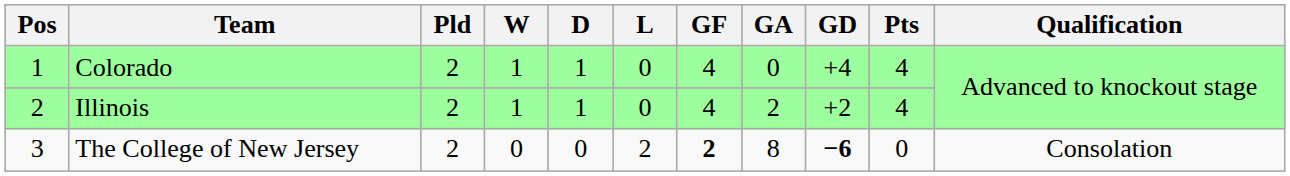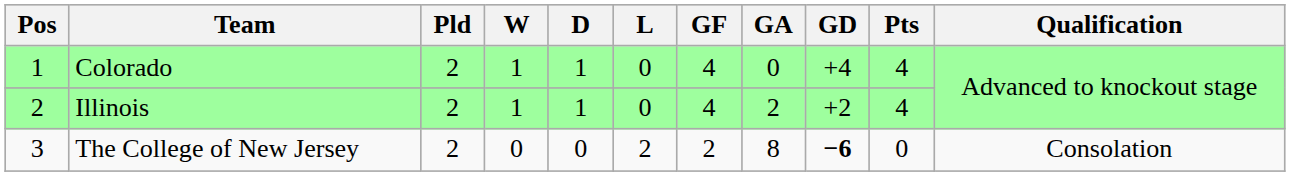 <table class="wikitable" style="text-align:center; margin: 1em auto">
 <tr>
 <th style=width:2em>Pos</th>
 <th style=width:13em>Team</th>
 <th style=width:2em>Pld</th>
 <th style=width:2em>W</th>
 <th style=width:2em>D</th>
 <th style=width:2em>L</th>
 <th style=width:2em>GF</th>
 <th style=width:2em>GA</th>
 <th style=width:2em>GD</th>
 <th style=width:2em>Pts</th>
 <th style=width:13em>Qualification</th>
 </tr>
 <tr bgcolor="#9eff9e">
 <td>1</td>
 <td style="text-align:left">Colorado</td>
 <td>2</td>
 <td>1</td>
 <td>1</td>
 <td>0</td>
 <td>4</td>
 <td>0</td>
 <td>+4</td>
 <td>4</td>
 <td rowspan="2">Advanced to knockout stage</td>
 </tr>
 <tr bgcolor="#9eff9e">
 <td>2</td>
 <td style="text-align:left">Illinois</td>
 <td>2</td>
 <td>1</td>
 <td>1</td>
 <td>0</td>
 <td>4</td>
 <td>2</td>
 <td>+2</td>
 <td>4</td>
 </tr>
 <tr>
 <td>3</td>
 <td style="text-align:left">The College of New Jersey</td>
 <td>2</td>
 <td>0</td>
 <td>0</td>
 <td>2</td>
-<td><strong>2</strong></td>
+<td>2</td>
 <td>8</td>
 <td><strong>−6</strong></td>
 <td>0</td>
 <td>Consolation</td>
 </tr>
 </table>
